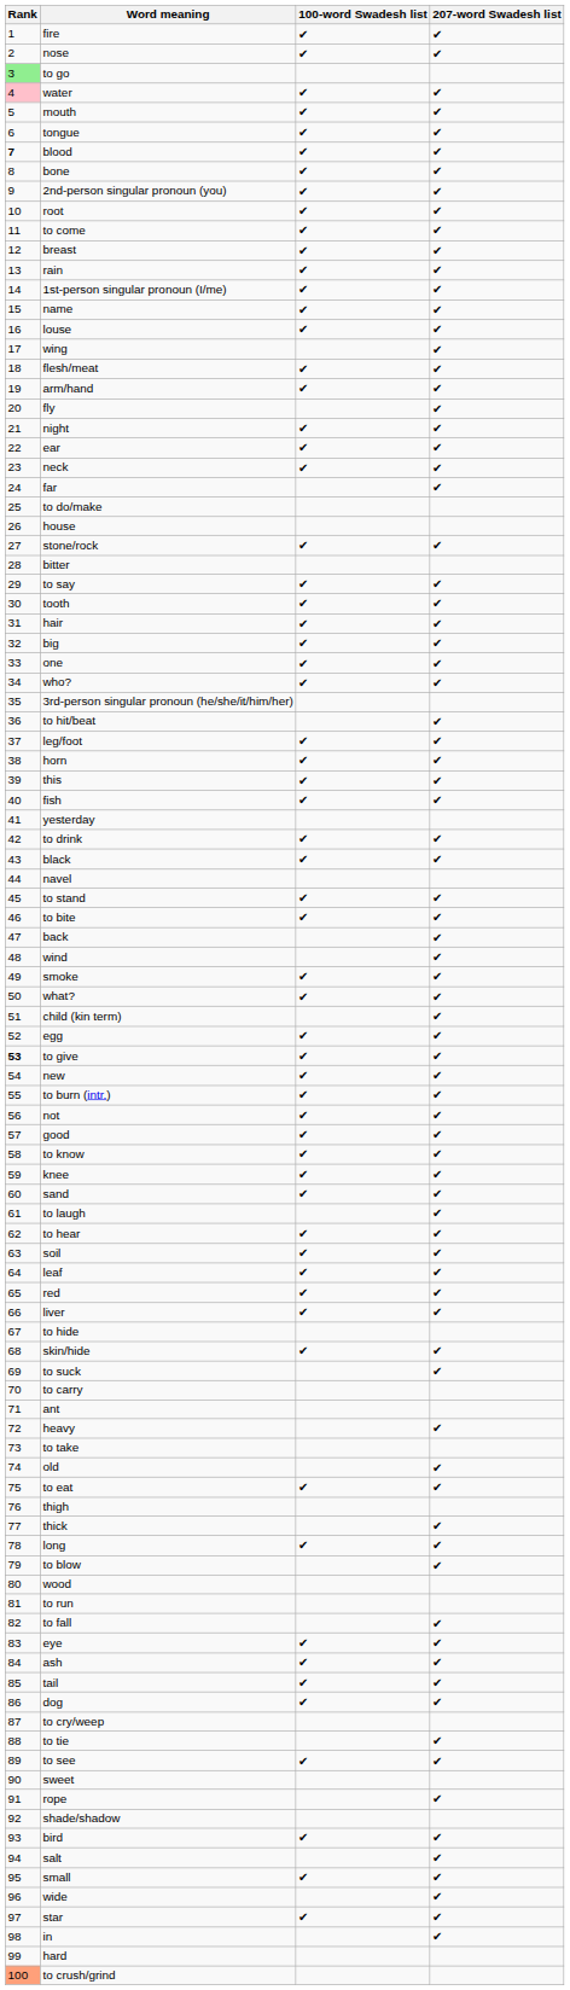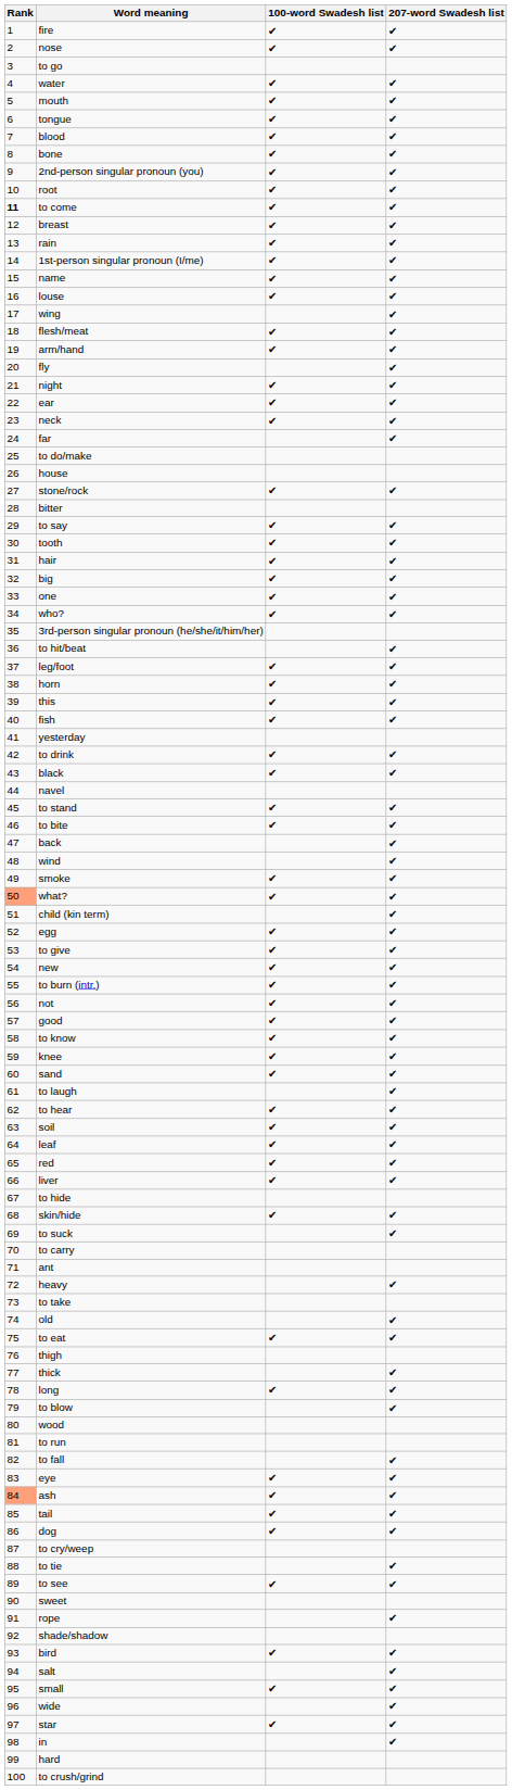 <table class="wikitable sortable">
 <tr>
 <th>Rank</th>
 <th>Word meaning</th>
 <th>100-word Swadesh list</th>
 <th>207-word Swadesh list</th>
 </tr>
 <tr>
 <td>1</td>
 <td>fire</td>
 <td>✔</td>
 <td>✔</td>
 </tr>
 <tr>
 <td>2</td>
 <td>nose</td>
 <td>✔</td>
 <td>✔</td>
 </tr>
 <tr>
-<td style="background: lightgreen;">3</td>
+<td>3</td>
 <td>to go</td>
 <td></td>
 <td></td>
 </tr>
 <tr>
-<td style="background: pink;">4</td>
+<td>4</td>
 <td>water</td>
 <td>✔</td>
 <td>✔</td>
 </tr>
 <tr>
 <td>5</td>
 <td>mouth</td>
 <td>✔</td>
 <td>✔</td>
 </tr>
 <tr>
 <td>6</td>
 <td>tongue</td>
 <td>✔</td>
 <td>✔</td>
 </tr>
 <tr>
-<td><strong>7</strong></td>
+<td>7</td>
 <td>blood</td>
 <td>✔</td>
 <td>✔</td>
 </tr>
 <tr>
 <td>8</td>
 <td>bone</td>
 <td>✔</td>
 <td>✔</td>
 </tr>
 <tr>
 <td>9</td>
 <td>2nd-person singular pronoun (you)</td>
 <td>✔</td>
 <td>✔</td>
 </tr>
 <tr>
 <td>10</td>
 <td>root</td>
 <td>✔</td>
 <td>✔</td>
 </tr>
 <tr>
-<td>11</td>
+<td><strong>11</strong></td>
 <td>to come</td>
 <td>✔</td>
 <td>✔</td>
 </tr>
 <tr>
 <td>12</td>
 <td>breast</td>
 <td>✔</td>
 <td>✔</td>
 </tr>
 <tr>
 <td>13</td>
 <td>rain</td>
 <td>✔</td>
 <td>✔</td>
 </tr>
 <tr>
 <td>14</td>
 <td>1st-person singular pronoun (I/me)</td>
 <td>✔</td>
 <td>✔</td>
 </tr>
 <tr>
 <td>15</td>
 <td>name</td>
 <td>✔</td>
 <td>✔</td>
 </tr>
 <tr>
 <td>16</td>
 <td>louse</td>
 <td>✔</td>
 <td>✔</td>
 </tr>
 <tr>
 <td>17</td>
 <td>wing</td>
 <td></td>
 <td>✔</td>
 </tr>
 <tr>
 <td>18</td>
 <td>flesh/meat</td>
 <td>✔</td>
 <td>✔</td>
 </tr>
 <tr>
 <td>19</td>
 <td>arm/hand</td>
 <td>✔</td>
 <td>✔</td>
 </tr>
 <tr>
 <td>20</td>
 <td>fly</td>
 <td></td>
 <td>✔</td>
 </tr>
 <tr>
 <td>21</td>
 <td>night</td>
 <td>✔</td>
 <td>✔</td>
 </tr>
 <tr>
 <td>22</td>
 <td>ear</td>
 <td>✔</td>
 <td>✔</td>
 </tr>
 <tr>
 <td>23</td>
 <td>neck</td>
 <td>✔</td>
 <td>✔</td>
 </tr>
 <tr>
 <td>24</td>
 <td>far</td>
 <td></td>
 <td>✔</td>
 </tr>
 <tr>
 <td>25</td>
 <td>to do/make</td>
 <td></td>
 <td></td>
 </tr>
 <tr>
 <td>26</td>
 <td>house</td>
 <td></td>
 <td></td>
 </tr>
 <tr>
 <td>27</td>
 <td>stone/rock</td>
 <td>✔</td>
 <td>✔</td>
 </tr>
 <tr>
 <td>28</td>
 <td>bitter</td>
 <td></td>
 <td></td>
 </tr>
 <tr>
 <td>29</td>
 <td>to say</td>
 <td>✔</td>
 <td>✔</td>
 </tr>
 <tr>
 <td>30</td>
 <td>tooth</td>
 <td>✔</td>
 <td>✔</td>
 </tr>
 <tr>
 <td>31</td>
 <td>hair</td>
 <td>✔</td>
 <td>✔</td>
 </tr>
 <tr>
 <td>32</td>
 <td>big</td>
 <td>✔</td>
 <td>✔</td>
 </tr>
 <tr>
 <td>33</td>
 <td>one</td>
 <td>✔</td>
 <td>✔</td>
 </tr>
 <tr>
 <td>34</td>
 <td>who?</td>
 <td>✔</td>
 <td>✔</td>
 </tr>
 <tr>
 <td>35</td>
 <td>3rd-person singular pronoun (he/she/it/him/her)</td>
 <td></td>
 <td></td>
 </tr>
 <tr>
 <td>36</td>
 <td>to hit/beat</td>
 <td></td>
 <td>✔</td>
 </tr>
 <tr>
 <td>37</td>
 <td>leg/foot</td>
 <td>✔</td>
 <td>✔</td>
 </tr>
 <tr>
 <td>38</td>
 <td>horn</td>
 <td>✔</td>
 <td>✔</td>
 </tr>
 <tr>
 <td>39</td>
 <td>this</td>
 <td>✔</td>
 <td>✔</td>
 </tr>
 <tr>
 <td>40</td>
 <td>fish</td>
 <td>✔</td>
 <td>✔</td>
 </tr>
 <tr>
 <td>41</td>
 <td>yesterday</td>
 <td></td>
 <td></td>
 </tr>
 <tr>
 <td>42</td>
 <td>to drink</td>
 <td>✔</td>
 <td>✔</td>
 </tr>
 <tr>
 <td>43</td>
 <td>black</td>
 <td>✔</td>
 <td>✔</td>
 </tr>
 <tr>
 <td>44</td>
 <td>navel</td>
 <td></td>
 <td></td>
 </tr>
 <tr>
 <td>45</td>
 <td>to stand</td>
 <td>✔</td>
 <td>✔</td>
 </tr>
 <tr>
 <td>46</td>
 <td>to bite</td>
 <td>✔</td>
 <td>✔</td>
 </tr>
 <tr>
 <td>47</td>
 <td>back</td>
 <td></td>
 <td>✔</td>
 </tr>
 <tr>
 <td>48</td>
 <td>wind</td>
 <td></td>
 <td>✔</td>
 </tr>
 <tr>
 <td>49</td>
 <td>smoke</td>
 <td>✔</td>
 <td>✔</td>
 </tr>
 <tr>
-<td>50</td>
+<td style="background: lightsalmon;">50</td>
 <td>what?</td>
 <td>✔</td>
 <td>✔</td>
 </tr>
 <tr>
 <td>51</td>
 <td>child (kin term)</td>
 <td></td>
 <td>✔</td>
 </tr>
 <tr>
 <td>52</td>
 <td>egg</td>
 <td>✔</td>
 <td>✔</td>
 </tr>
 <tr>
-<td><strong>53</strong></td>
+<td>53</td>
 <td>to give</td>
 <td>✔</td>
 <td>✔</td>
 </tr>
 <tr>
 <td>54</td>
 <td>new</td>
 <td>✔</td>
 <td>✔</td>
 </tr>
 <tr>
 <td>55</td>
 <td>to burn (<a href='#'>intr.</a>)</td>
 <td>✔</td>
 <td>✔</td>
 </tr>
 <tr>
 <td>56</td>
 <td>not</td>
 <td>✔</td>
 <td>✔</td>
 </tr>
 <tr>
 <td>57</td>
 <td>good</td>
 <td>✔</td>
 <td>✔</td>
 </tr>
 <tr>
 <td>58</td>
 <td>to know</td>
 <td>✔</td>
 <td>✔</td>
 </tr>
 <tr>
 <td>59</td>
 <td>knee</td>
 <td>✔</td>
 <td>✔</td>
 </tr>
 <tr>
 <td>60</td>
 <td>sand</td>
 <td>✔</td>
 <td>✔</td>
 </tr>
 <tr>
 <td>61</td>
 <td>to laugh</td>
 <td></td>
 <td>✔</td>
 </tr>
 <tr>
 <td>62</td>
 <td>to hear</td>
 <td>✔</td>
 <td>✔</td>
 </tr>
 <tr>
 <td>63</td>
 <td>soil</td>
 <td>✔</td>
 <td>✔</td>
 </tr>
 <tr>
 <td>64</td>
 <td>leaf</td>
 <td>✔</td>
 <td>✔</td>
 </tr>
 <tr>
 <td>65</td>
 <td>red</td>
 <td>✔</td>
 <td>✔</td>
 </tr>
 <tr>
 <td>66</td>
 <td>liver</td>
 <td>✔</td>
 <td>✔</td>
 </tr>
 <tr>
 <td>67</td>
 <td>to hide</td>
 <td></td>
 <td></td>
 </tr>
 <tr>
 <td>68</td>
 <td>skin/hide</td>
 <td>✔</td>
 <td>✔</td>
 </tr>
 <tr>
 <td>69</td>
 <td>to suck</td>
 <td></td>
 <td>✔</td>
 </tr>
 <tr>
 <td>70</td>
 <td>to carry</td>
 <td></td>
 <td></td>
 </tr>
 <tr>
 <td>71</td>
 <td>ant</td>
 <td></td>
 <td></td>
 </tr>
 <tr>
 <td>72</td>
 <td>heavy</td>
 <td></td>
 <td>✔</td>
 </tr>
 <tr>
 <td>73</td>
 <td>to take</td>
 <td></td>
 <td></td>
 </tr>
 <tr>
 <td>74</td>
 <td>old</td>
 <td></td>
 <td>✔</td>
 </tr>
 <tr>
 <td>75</td>
 <td>to eat</td>
 <td>✔</td>
 <td>✔</td>
 </tr>
 <tr>
 <td>76</td>
 <td>thigh</td>
 <td></td>
 <td></td>
 </tr>
 <tr>
 <td>77</td>
 <td>thick</td>
 <td></td>
 <td>✔</td>
 </tr>
 <tr>
 <td>78</td>
 <td>long</td>
 <td>✔</td>
 <td>✔</td>
 </tr>
 <tr>
 <td>79</td>
 <td>to blow</td>
 <td></td>
 <td>✔</td>
 </tr>
 <tr>
 <td>80</td>
 <td>wood</td>
 <td></td>
 <td></td>
 </tr>
 <tr>
 <td>81</td>
 <td>to run</td>
 <td></td>
 <td></td>
 </tr>
 <tr>
 <td>82</td>
 <td>to fall</td>
 <td></td>
 <td>✔</td>
 </tr>
 <tr>
 <td>83</td>
 <td>eye</td>
 <td>✔</td>
 <td>✔</td>
 </tr>
 <tr>
-<td>84</td>
+<td style="background: lightsalmon;">84</td>
 <td>ash</td>
 <td>✔</td>
 <td>✔</td>
 </tr>
 <tr>
 <td>85</td>
 <td>tail</td>
 <td>✔</td>
 <td>✔</td>
 </tr>
 <tr>
 <td>86</td>
 <td>dog</td>
 <td>✔</td>
 <td>✔</td>
 </tr>
 <tr>
 <td>87</td>
 <td>to cry/weep</td>
 <td></td>
 <td></td>
 </tr>
 <tr>
 <td>88</td>
 <td>to tie</td>
 <td></td>
 <td>✔</td>
 </tr>
 <tr>
 <td>89</td>
 <td>to see</td>
 <td>✔</td>
 <td>✔</td>
 </tr>
 <tr>
 <td>90</td>
 <td>sweet</td>
 <td></td>
 <td></td>
 </tr>
 <tr>
 <td>91</td>
 <td>rope</td>
 <td></td>
 <td>✔</td>
 </tr>
 <tr>
 <td>92</td>
 <td>shade/shadow</td>
 <td></td>
 <td></td>
 </tr>
 <tr>
 <td>93</td>
 <td>bird</td>
 <td>✔</td>
 <td>✔</td>
 </tr>
 <tr>
 <td>94</td>
 <td>salt</td>
 <td></td>
 <td>✔</td>
 </tr>
 <tr>
 <td>95</td>
 <td>small</td>
 <td>✔</td>
 <td>✔</td>
 </tr>
 <tr>
 <td>96</td>
 <td>wide</td>
 <td></td>
 <td>✔</td>
 </tr>
 <tr>
 <td>97</td>
 <td>star</td>
 <td>✔</td>
 <td>✔</td>
 </tr>
 <tr>
 <td>98</td>
 <td>in</td>
 <td></td>
 <td>✔</td>
 </tr>
 <tr>
 <td>99</td>
 <td>hard</td>
 <td></td>
 <td></td>
 </tr>
 <tr>
-<td style="background: lightsalmon;">100</td>
+<td>100</td>
 <td>to crush/grind</td>
 <td></td>
 <td></td>
 </tr>
 </table>
